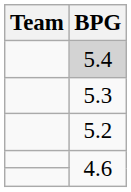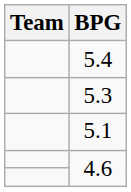 <table class=wikitable>
 <tr>
 <th>Team</th>
 <th>BPG</th>
 </tr>
 <tr>
 <td></td>
-<td align=center style="background: lightgrey;">5.4</td>
+<td align=center>5.4</td>
 </tr>
 <tr>
 <td></td>
 <td align=center>5.3</td>
 </tr>
 <tr>
 <td></td>
-<td align=center>5.2</td>
+<td align=center>5.1</td>
 </tr>
 <tr>
 <td></td>
 <td align=center rowspan=2>4.6</td>
 </tr>
 <tr>
 <td></td>
 </tr>
 </table>
